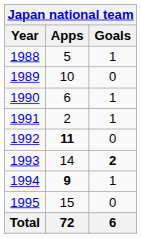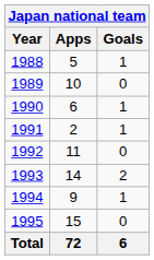 <table class="wikitable" style="text-align:center">
 <tr>
 <th colspan="3"><a href='#'>Japan national team</a></th>
 </tr>
 <tr>
 <th>Year</th>
 <th>Apps</th>
 <th>Goals</th>
 </tr>
 <tr>
 <td><a href='#'>1988</a></td>
 <td>5</td>
 <td>1</td>
 </tr>
 <tr>
 <td><a href='#'>1989</a></td>
 <td>10</td>
 <td>0</td>
 </tr>
 <tr>
 <td><a href='#'>1990</a></td>
 <td>6</td>
 <td>1</td>
 </tr>
 <tr>
 <td><a href='#'>1991</a></td>
 <td>2</td>
 <td>1</td>
 </tr>
 <tr>
 <td><a href='#'>1992</a></td>
-<td><strong>11</strong></td>
+<td>11</td>
 <td>0</td>
 </tr>
 <tr>
 <td><a href='#'>1993</a></td>
 <td>14</td>
-<td><strong>2</strong></td>
+<td>2</td>
 </tr>
 <tr>
 <td><a href='#'>1994</a></td>
-<td><strong>9</strong></td>
+<td>9</td>
 <td>1</td>
 </tr>
 <tr>
 <td><a href='#'>1995</a></td>
 <td>15</td>
 <td>0</td>
 </tr>
 <tr>
 <th>Total</th>
 <th>72</th>
 <th>6</th>
 </tr>
 </table>
